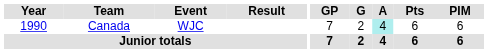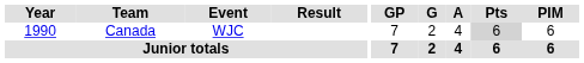 <table border="0" cellpadding="1" cellspacing="0" ID="Table3" style="text-align:center; width:40em">
 <tr ALIGN="center" bgcolor="#e0e0e0">
 <th>Year</th>
 <th>Team</th>
 <th>Event</th>
 <th>Result</th>
 <th rowspan="99" bgcolor="#ffffff"></th>
 <th>GP</th>
 <th>G</th>
 <th>A</th>
 <th>Pts</th>
 <th>PIM</th>
 </tr>
 <tr>
 <td><a href='#'>1990</a></td>
 <td><a href='#'>Canada</a></td>
 <td><a href='#'>WJC</a></td>
 <td></td>
 <td>7</td>
 <td>2</td>
-<td style="background: paleturquoise;">4</td>
-<td>6</td>
+<td>4</td>
+<td style="background: lightgrey;">6</td>
 <td>6</td>
 </tr>
 <tr bgcolor="#e0e0e0">
 <th colspan="4">Junior totals</th>
 <th>7</th>
 <th>2</th>
 <th>4</th>
 <th>6</th>
 <th>6</th>
 </tr>
 </table>
